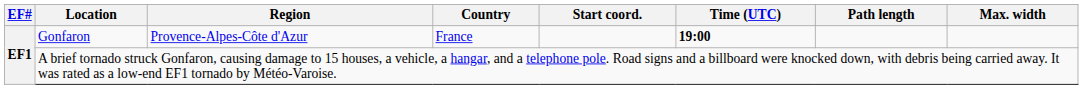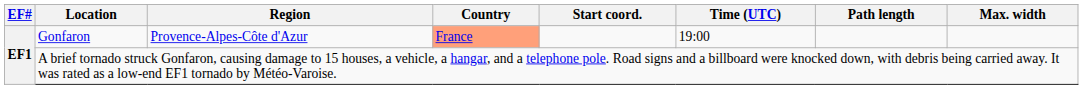 <table class="wikitable sortable" style="width:100%;">
 <tr>
 <th scope="col" width="2%" align="center"><a href='#'>EF#</a></th>
 <th scope="col" align="center" class="unsortable">Location</th>
 <th scope="col" align="center" class="unsortable">Region</th>
 <th scope="col" align="center">Country</th>
 <th scope="col" align="center">Start coord.</th>
 <th scope="col" align="center">Time (<a href='#'>UTC</a>)</th>
 <th scope="col" align="center">Path length</th>
 <th scope="col" align="center">Max. width</th>
 </tr>
 <tr>
 <th scope="row" rowspan="2" style="background-color:#">EF1</th>
 <td><a href='#'>Gonfaron</a></td>
 <td><a href='#'>Provence-Alpes-Côte d'Azur</a></td>
-<td><a href='#'>France</a></td>
+<td style="background: lightsalmon;"><a href='#'>France</a></td>
 <td></td>
-<td><strong>19:00</strong></td>
+<td>19:00</td>
 <td></td>
 <td></td>
 </tr>
 <tr class="expand-child">
 <td colspan="8" style=" border-bottom: 1px solid black;">A brief tornado struck Gonfaron, causing damage to 15 houses, a vehicle, a <a href='#'>hangar</a>, and a <a href='#'>telephone pole</a>. Road signs and a billboard were knocked down, with debris being carried  away. It was rated as a low-end EF1 tornado by Météo-Varoise.</td>
 </tr>
 </table>
